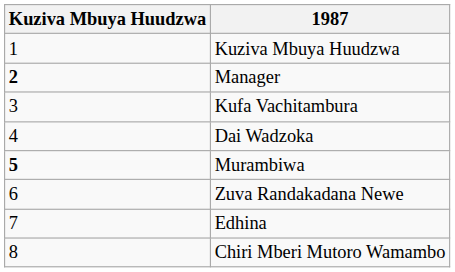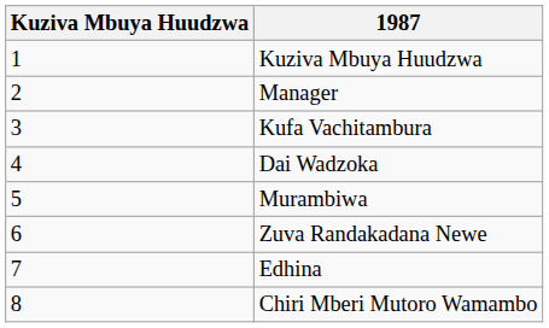 <table class="wikitable">
 <tr>
 <th>Kuziva Mbuya Huudzwa</th>
 <th>1987</th>
 </tr>
 <tr>
 <td>1</td>
 <td>Kuziva Mbuya Huudzwa</td>
 </tr>
 <tr>
-<td><strong>2</strong></td>
+<td>2</td>
 <td>Manager</td>
 </tr>
 <tr>
 <td>3</td>
 <td>Kufa Vachitambura</td>
 </tr>
 <tr>
 <td>4</td>
 <td>Dai Wadzoka</td>
 </tr>
 <tr>
-<td><strong>5</strong></td>
+<td>5</td>
 <td>Murambiwa</td>
 </tr>
 <tr>
 <td>6</td>
 <td>Zuva Randakadana Newe</td>
 </tr>
 <tr>
 <td>7</td>
 <td>Edhina</td>
 </tr>
 <tr>
 <td>8</td>
 <td>Chiri Mberi Mutoro Wamambo</td>
 </tr>
 </table>
